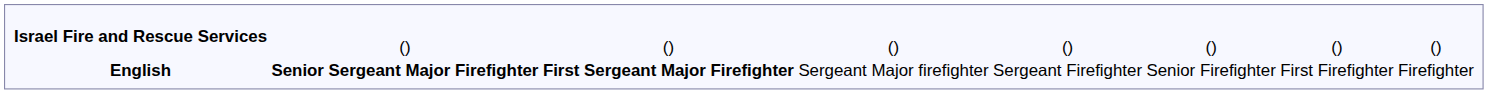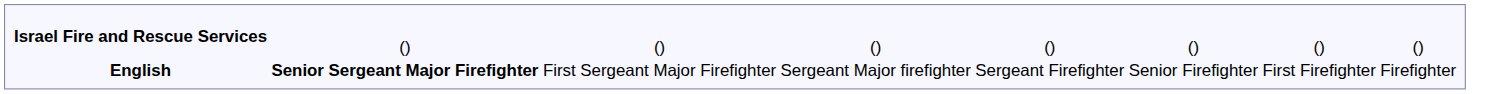 <table style="border:1px solid #8888aa; background-color:#f7f8ff; padding:5px; font-size:95%; margin: 0px 12px 12px 0px;">
 <tr style="text-align:center;">
 <th rowspan=2> Israel Fire and Rescue Services</th>
 <td colspan=1></td>
 <td colspan=1></td>
 <td colspan=2></td>
 <td colspan=6></td>
 <td colspan=6></td>
 <td colspan=4></td>
 <td colspan=6></td>
 </tr>
 <tr style="text-align:center;">
 <td colspan=1><br>()</td>
 <td colspan=1><br>()</td>
 <td colspan=2><br>()</td>
 <td colspan=6><br>()</td>
 <td colspan=6><br>()</td>
 <td colspan=4><br>()</td>
 <td colspan=6><br>()</td>
 </tr>
 <tr style="text-align:center;">
 <th>English</th>
 <td colspan=1><strong>Senior Sergeant Major Firefighter</strong></td>
-<td colspan=1><strong>First Sergeant Major Firefighter</strong></td>
+<td colspan=1>First Sergeant Major Firefighter</td>
 <td colspan=2>Sergeant Major firefighter</td>
 <td colspan=6>Sergeant Firefighter</td>
 <td colspan=6>Senior Firefighter</td>
 <td colspan=4>First Firefighter</td>
 <td colspan=6>Firefighter</td>
 </tr>
 </table>
